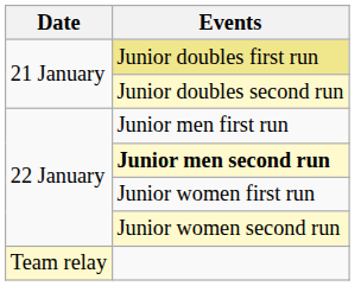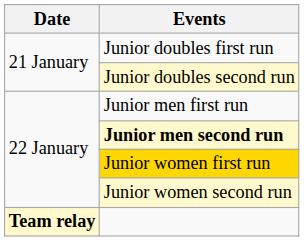 <table class="wikitable" border="1">
 <tr>
 <th>Date</th>
 <th>Events</th>
 </tr>
 <tr>
 <td rowspan=2>21 January</td>
-<td style="background: khaki;">Junior doubles first run</td>
+<td>Junior doubles first run</td>
 </tr>
 <tr bgcolor=lemonchiffon>
 <td>Junior doubles second run</td>
 </tr>
 <tr>
 <td rowspan=5>22 January</td>
 <td>Junior men first run</td>
 </tr>
 <tr bgcolor=lemonchiffon>
 <td><strong>Junior men second run</strong></td>
 </tr>
 <tr>
-<td>Junior women first run</td>
+<td style="background: gold;">Junior women first run</td>
 </tr>
 <tr bgcolor=lemonchiffon>
 <td>Junior women second run</td>
 </tr>
 <tr>
 </tr>
 <tr bgcolor=lemonchiffon>
-<td>Team relay</td>
+<td><strong>Team relay</strong></td>
 </tr>
 </table>
